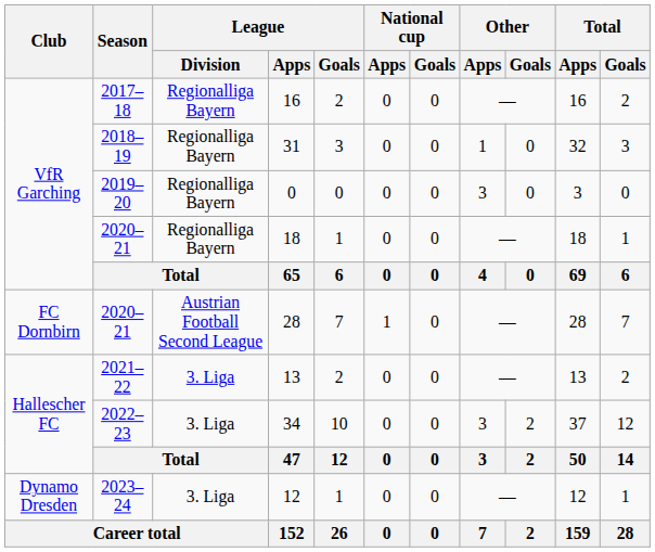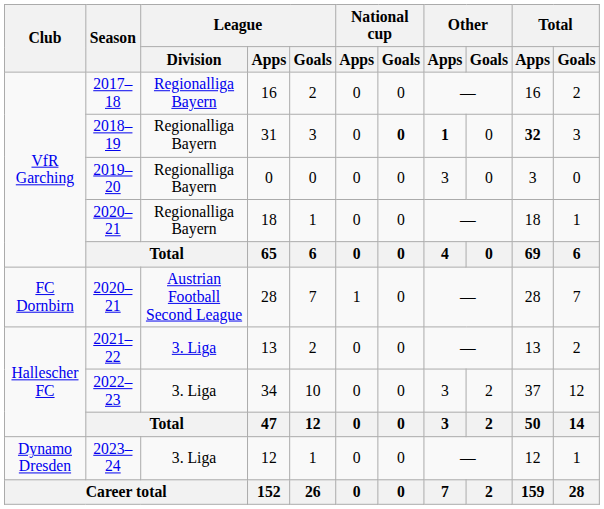 <table class="wikitable" style="text-align:center">
 <tr>
 <th rowspan="2">Club</th>
 <th rowspan="2">Season</th>
 <th colspan="3">League</th>
 <th colspan="2">National cup</th>
 <th colspan="2">Other</th>
 <th colspan="2">Total</th>
 </tr>
 <tr>
 <th>Division</th>
 <th>Apps</th>
 <th>Goals</th>
 <th>Apps</th>
 <th>Goals</th>
 <th>Apps</th>
 <th>Goals</th>
 <th>Apps</th>
 <th>Goals</th>
 </tr>
 <tr>
 <td rowspan="5"><a href='#'>VfR Garching</a></td>
 <td><a href='#'>2017–18</a></td>
 <td><a href='#'>Regionalliga Bayern</a></td>
 <td>16</td>
 <td>2</td>
 <td>0</td>
 <td>0</td>
 <td colspan="2">—</td>
 <td>16</td>
 <td>2</td>
 </tr>
 <tr>
 <td><a href='#'>2018–19</a></td>
 <td>Regionalliga Bayern</td>
 <td>31</td>
 <td>3</td>
 <td>0</td>
+<td><strong>0</strong></td>
+<td><strong>1</strong></td>
 <td>0</td>
-<td>1</td>
-<td>0</td>
-<td>32</td>
+<td><strong>32</strong></td>
 <td>3</td>
 </tr>
 <tr>
 <td><a href='#'>2019–20</a></td>
 <td>Regionalliga Bayern</td>
 <td>0</td>
 <td>0</td>
 <td>0</td>
 <td>0</td>
 <td>3</td>
 <td>0</td>
 <td>3</td>
 <td>0</td>
 </tr>
 <tr>
 <td><a href='#'>2020–21</a></td>
 <td>Regionalliga Bayern</td>
 <td>18</td>
 <td>1</td>
 <td>0</td>
 <td>0</td>
 <td colspan="2">—</td>
 <td>18</td>
 <td>1</td>
 </tr>
 <tr>
 <th colspan="2">Total</th>
 <th>65</th>
 <th>6</th>
 <th>0</th>
 <th>0</th>
 <th>4</th>
 <th>0</th>
 <th>69</th>
 <th>6</th>
 </tr>
 <tr>
 <td><a href='#'>FC Dornbirn</a></td>
 <td><a href='#'>2020–21</a></td>
 <td><a href='#'>Austrian Football Second League</a></td>
 <td>28</td>
 <td>7</td>
 <td>1</td>
 <td>0</td>
 <td colspan="2">—</td>
 <td>28</td>
 <td>7</td>
 </tr>
 <tr>
 <td rowspan="3"><a href='#'>Hallescher FC</a></td>
 <td><a href='#'>2021–22</a></td>
 <td><a href='#'>3. Liga</a></td>
 <td>13</td>
 <td>2</td>
 <td>0</td>
 <td>0</td>
 <td colspan="2">—</td>
 <td>13</td>
 <td>2</td>
 </tr>
 <tr>
 <td><a href='#'>2022–23</a></td>
 <td>3. Liga</td>
 <td>34</td>
 <td>10</td>
 <td>0</td>
 <td>0</td>
 <td>3</td>
 <td>2</td>
 <td>37</td>
 <td>12</td>
 </tr>
 <tr>
 <th colspan="2">Total</th>
 <th>47</th>
 <th>12</th>
 <th>0</th>
 <th>0</th>
 <th>3</th>
 <th>2</th>
 <th>50</th>
 <th>14</th>
 </tr>
 <tr>
 <td><a href='#'>Dynamo Dresden</a></td>
 <td><a href='#'>2023–24</a></td>
 <td>3. Liga</td>
 <td>12</td>
 <td>1</td>
 <td>0</td>
 <td>0</td>
 <td colspan="2">—</td>
 <td>12</td>
 <td>1</td>
 </tr>
 <tr>
 <th colspan="3">Career total</th>
 <th>152</th>
 <th>26</th>
 <th>0</th>
 <th>0</th>
 <th>7</th>
 <th>2</th>
 <th>159</th>
 <th>28</th>
 </tr>
 </table>
